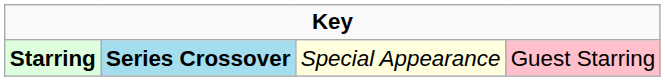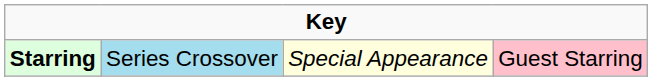 <table class="wikitable"  align="center" margin:auto; width:50%;">
 <tr>
 <td colspan="5" style="text-align:center;"><strong>Key</strong></td>
 </tr>
 <tr>
 <td style="background:#dfd;"><strong>Starring</strong></td>
-<td style="background:#A4DDED;"><strong>Series Crossover</strong></td>
+<td style="background:#A4DDED;">Series Crossover</td>
 <td style="background:#ffd; text-align:center;"><em>Special Appearance</em></td>
 <td style="background: pink">Guest Starring</td>
 </tr>
 </table>
